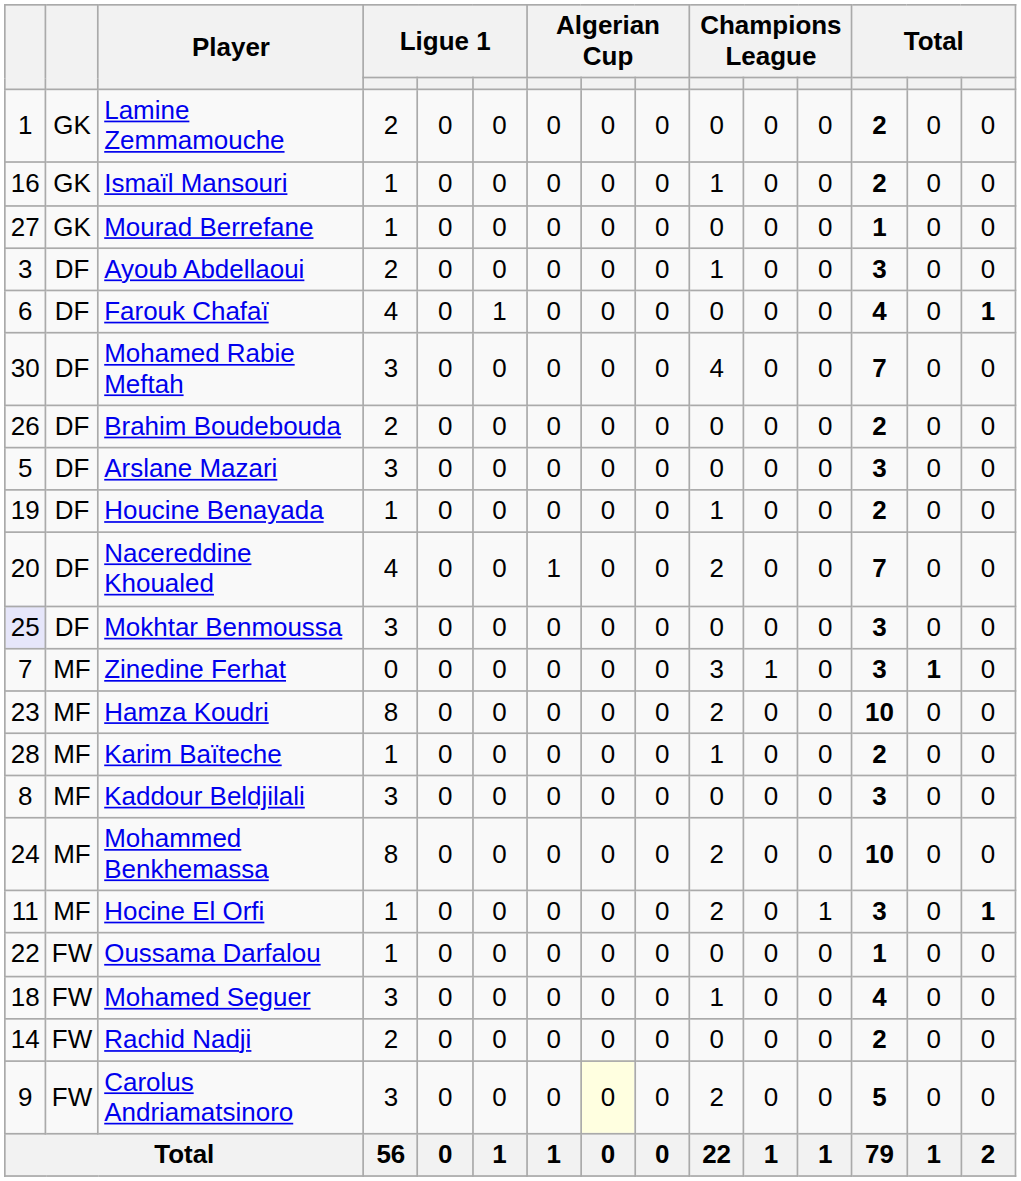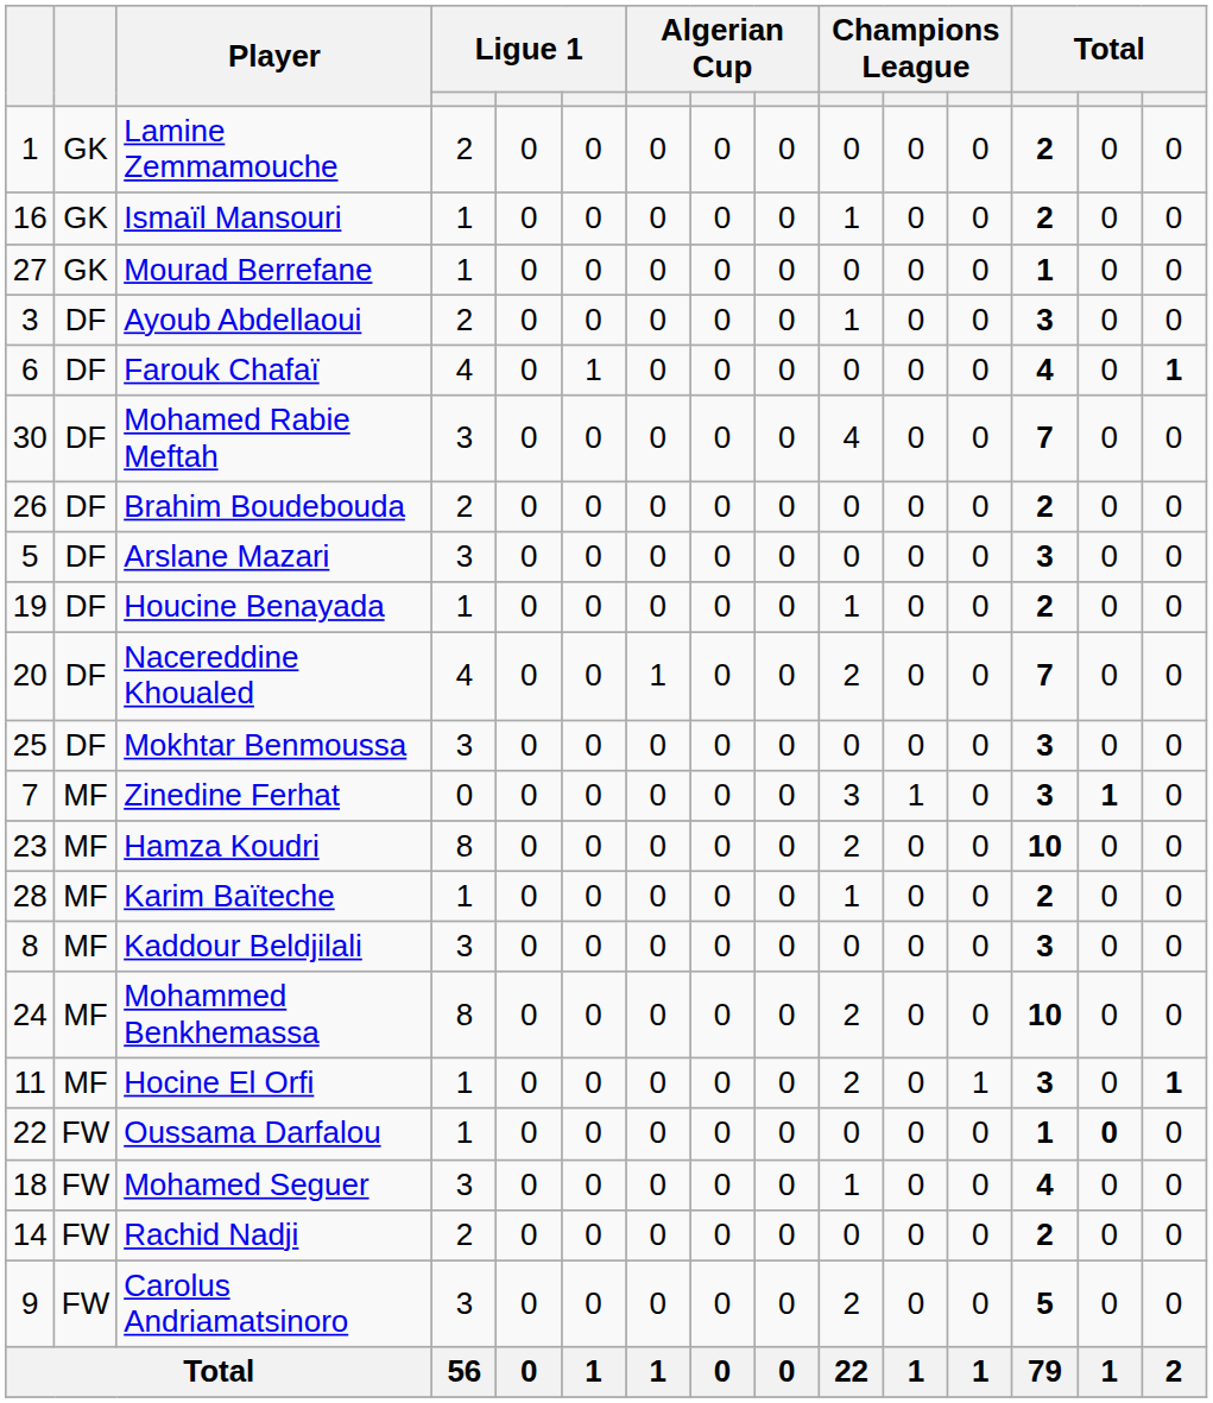 <table class="wikitable sortable nowrap" style="font-size: 96%; text-align: center;">
 <tr>
 <th rowspan="2"></th>
 <th rowspan="2"></th>
 <th rowspan="2" width=150>Player</th>
 <th colspan="3">Ligue 1</th>
 <th colspan="3">Algerian Cup</th>
 <th colspan="3">Champions League</th>
 <th colspan="3">Total</th>
 </tr>
 <tr>
 <th width=25></th>
 <th width=25></th>
 <th width=25></th>
 <th width=25></th>
 <th width=25></th>
 <th width=25></th>
 <th width=25></th>
 <th width=25></th>
 <th width=25></th>
 <th width=25></th>
 <th width=25></th>
 <th width=25></th>
 </tr>
 <tr>
 <td>1</td>
 <td>GK</td>
 <td style="text-align:left"> <a href='#'>Lamine Zemmamouche</a></td>
 <td>2</td>
 <td>0</td>
 <td>0</td>
 <td>0</td>
 <td>0</td>
 <td>0</td>
 <td>0</td>
 <td>0</td>
 <td>0</td>
 <td><strong>2</strong></td>
 <td>0</td>
 <td>0</td>
 </tr>
 <tr>
 <td>16</td>
 <td>GK</td>
 <td style="text-align:left"> <a href='#'>Ismaïl Mansouri</a></td>
 <td>1</td>
 <td>0</td>
 <td>0</td>
 <td>0</td>
 <td>0</td>
 <td>0</td>
 <td>1</td>
 <td>0</td>
 <td>0</td>
 <td><strong>2</strong></td>
 <td>0</td>
 <td>0</td>
 </tr>
 <tr>
 <td>27</td>
 <td>GK</td>
 <td style="text-align:left"> <a href='#'>Mourad Berrefane</a></td>
 <td>1</td>
 <td>0</td>
 <td>0</td>
 <td>0</td>
 <td>0</td>
 <td>0</td>
 <td>0</td>
 <td>0</td>
 <td>0</td>
 <td><strong>1</strong></td>
 <td>0</td>
 <td>0</td>
 </tr>
 <tr>
 <td>3</td>
 <td>DF</td>
 <td style="text-align:left"> <a href='#'>Ayoub Abdellaoui</a></td>
 <td>2</td>
 <td>0</td>
 <td>0</td>
 <td>0</td>
 <td>0</td>
 <td>0</td>
 <td>1</td>
 <td>0</td>
 <td>0</td>
 <td><strong>3</strong></td>
 <td>0</td>
 <td>0</td>
 </tr>
 <tr>
 <td>6</td>
 <td>DF</td>
 <td style="text-align:left"> <a href='#'>Farouk Chafaï</a></td>
 <td>4</td>
 <td>0</td>
 <td>1</td>
 <td>0</td>
 <td>0</td>
 <td>0</td>
 <td>0</td>
 <td>0</td>
 <td>0</td>
 <td><strong>4</strong></td>
 <td>0</td>
 <td><strong>1</strong></td>
 </tr>
 <tr>
 <td>30</td>
 <td>DF</td>
 <td style="text-align:left"> <a href='#'>Mohamed Rabie Meftah</a></td>
 <td>3</td>
 <td>0</td>
 <td>0</td>
 <td>0</td>
 <td>0</td>
 <td>0</td>
 <td>4</td>
 <td>0</td>
 <td>0</td>
 <td><strong>7</strong></td>
 <td>0</td>
 <td>0</td>
 </tr>
 <tr>
 <td>26</td>
 <td>DF</td>
 <td style="text-align:left"> <a href='#'>Brahim Boudebouda</a></td>
 <td>2</td>
 <td>0</td>
 <td>0</td>
 <td>0</td>
 <td>0</td>
 <td>0</td>
 <td>0</td>
 <td>0</td>
 <td>0</td>
 <td><strong>2</strong></td>
 <td>0</td>
 <td>0</td>
 </tr>
 <tr>
 <td>5</td>
 <td>DF</td>
 <td style="text-align:left"> <a href='#'>Arslane Mazari</a></td>
 <td>3</td>
 <td>0</td>
 <td>0</td>
 <td>0</td>
 <td>0</td>
 <td>0</td>
 <td>0</td>
 <td>0</td>
 <td>0</td>
 <td><strong>3</strong></td>
 <td>0</td>
 <td>0</td>
 </tr>
 <tr>
 <td>19</td>
 <td>DF</td>
 <td style="text-align:left"> <a href='#'>Houcine Benayada</a></td>
 <td>1</td>
 <td>0</td>
 <td>0</td>
 <td>0</td>
 <td>0</td>
 <td>0</td>
 <td>1</td>
 <td>0</td>
 <td>0</td>
 <td><strong>2</strong></td>
 <td>0</td>
 <td>0</td>
 </tr>
 <tr>
 <td>20</td>
 <td>DF</td>
 <td style="text-align:left"> <a href='#'>Nacereddine Khoualed</a></td>
 <td>4</td>
 <td>0</td>
 <td>0</td>
 <td>1</td>
 <td>0</td>
 <td>0</td>
 <td>2</td>
 <td>0</td>
 <td>0</td>
 <td><strong>7</strong></td>
 <td>0</td>
 <td>0</td>
 </tr>
 <tr>
-<td style="background: lavender;">25</td>
+<td>25</td>
 <td>DF</td>
 <td style="text-align:left"> <a href='#'>Mokhtar Benmoussa</a></td>
 <td>3</td>
 <td>0</td>
 <td>0</td>
 <td>0</td>
 <td>0</td>
 <td>0</td>
 <td>0</td>
 <td>0</td>
 <td>0</td>
 <td><strong>3</strong></td>
 <td>0</td>
 <td>0</td>
 </tr>
 <tr>
 <td>7</td>
 <td>MF</td>
 <td style="text-align:left"> <a href='#'>Zinedine Ferhat</a></td>
 <td>0</td>
 <td>0</td>
 <td>0</td>
 <td>0</td>
 <td>0</td>
 <td>0</td>
 <td>3</td>
 <td>1</td>
 <td>0</td>
 <td><strong>3</strong></td>
 <td><strong>1</strong></td>
 <td>0</td>
 </tr>
 <tr>
 <td>23</td>
 <td>MF</td>
 <td style="text-align:left"> <a href='#'>Hamza Koudri</a></td>
 <td>8</td>
 <td>0</td>
 <td>0</td>
 <td>0</td>
 <td>0</td>
 <td>0</td>
 <td>2</td>
 <td>0</td>
 <td>0</td>
 <td><strong>10</strong></td>
 <td>0</td>
 <td>0</td>
 </tr>
 <tr>
 <td>28</td>
 <td>MF</td>
 <td style="text-align:left"> <a href='#'>Karim Baïteche</a></td>
 <td>1</td>
 <td>0</td>
 <td>0</td>
 <td>0</td>
 <td>0</td>
 <td>0</td>
 <td>1</td>
 <td>0</td>
 <td>0</td>
 <td><strong>2</strong></td>
 <td>0</td>
 <td>0</td>
 </tr>
 <tr>
 <td>8</td>
 <td>MF</td>
 <td style="text-align:left"> <a href='#'>Kaddour Beldjilali</a></td>
 <td>3</td>
 <td>0</td>
 <td>0</td>
 <td>0</td>
 <td>0</td>
 <td>0</td>
 <td>0</td>
 <td>0</td>
 <td>0</td>
 <td><strong>3</strong></td>
 <td>0</td>
 <td>0</td>
 </tr>
 <tr>
 <td>24</td>
 <td>MF</td>
 <td style="text-align:left"> <a href='#'>Mohammed Benkhemassa</a></td>
 <td>8</td>
 <td>0</td>
 <td>0</td>
 <td>0</td>
 <td>0</td>
 <td>0</td>
 <td>2</td>
 <td>0</td>
 <td>0</td>
 <td><strong>10</strong></td>
 <td>0</td>
 <td>0</td>
 </tr>
 <tr>
 <td>11</td>
 <td>MF</td>
 <td style="text-align:left"> <a href='#'>Hocine El Orfi</a></td>
 <td>1</td>
 <td>0</td>
 <td>0</td>
 <td>0</td>
 <td>0</td>
 <td>0</td>
 <td>2</td>
 <td>0</td>
 <td>1</td>
 <td><strong>3</strong></td>
 <td>0</td>
 <td><strong>1</strong></td>
 </tr>
 <tr>
 <td>22</td>
 <td>FW</td>
 <td style="text-align:left"> <a href='#'>Oussama Darfalou</a></td>
 <td>1</td>
 <td>0</td>
 <td>0</td>
 <td>0</td>
 <td>0</td>
 <td>0</td>
 <td>0</td>
 <td>0</td>
 <td>0</td>
 <td><strong>1</strong></td>
-<td>0</td>
+<td><strong>0</strong></td>
 <td>0</td>
 </tr>
 <tr>
 <td>18</td>
 <td>FW</td>
 <td style="text-align:left"> <a href='#'>Mohamed Seguer</a></td>
 <td>3</td>
 <td>0</td>
 <td>0</td>
 <td>0</td>
 <td>0</td>
 <td>0</td>
 <td>1</td>
 <td>0</td>
 <td>0</td>
 <td><strong>4</strong></td>
 <td>0</td>
 <td>0</td>
 </tr>
 <tr>
 <td>14</td>
 <td>FW</td>
 <td style="text-align:left"> <a href='#'>Rachid Nadji</a></td>
 <td>2</td>
 <td>0</td>
 <td>0</td>
 <td>0</td>
 <td>0</td>
 <td>0</td>
 <td>0</td>
 <td>0</td>
 <td>0</td>
 <td><strong>2</strong></td>
 <td>0</td>
 <td>0</td>
 </tr>
 <tr>
 <td>9</td>
 <td>FW</td>
 <td style="text-align:left"> <a href='#'>Carolus Andriamatsinoro</a></td>
 <td>3</td>
 <td>0</td>
 <td>0</td>
 <td>0</td>
-<td style="background: lightyellow;">0</td>
+<td>0</td>
 <td>0</td>
 <td>2</td>
 <td>0</td>
 <td>0</td>
 <td><strong>5</strong></td>
 <td>0</td>
 <td>0</td>
 </tr>
 <tr>
 <th colspan="3">Total</th>
 <th>56</th>
 <th>0</th>
 <th>1</th>
 <th>1</th>
 <th>0</th>
 <th>0</th>
 <th>22</th>
 <th>1</th>
 <th>1</th>
 <th>79</th>
 <th>1</th>
 <th>2</th>
 </tr>
 </table>
